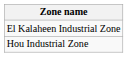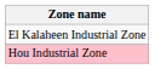 <table class="wikitable">
 <tr>
 <th>Zone name</th>
 </tr>
 <tr>
 <td rowspan="1">El Kalaheen Industrial Zone</td>
 </tr>
 <tr>
-<td rowspan="1">Hou Industrial Zone</td>
+<td rowspan="1" style="background: pink;">Hou Industrial Zone</td>
 </tr>
 </table>
